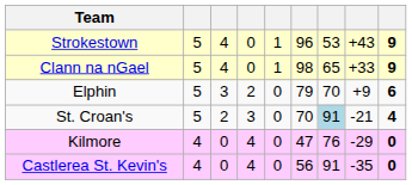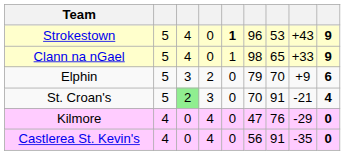 <table class="wikitable" style="text-align:center">
 <tr>
 <th style="width:175px;">Team</th>
 <th width="20"></th>
 <th width="20"></th>
 <th width="20"></th>
 <th width="20"></th>
 <th width="20"></th>
 <th width="20"></th>
 <th width="20"></th>
 <th width="20"></th>
 </tr>
 <tr style="background:#ffc;">
 <td><a href='#'>Strokestown</a></td>
 <td>5</td>
 <td>4</td>
 <td>0</td>
-<td>1</td>
+<td><strong>1</strong></td>
 <td>96</td>
 <td>53</td>
 <td>+43</td>
 <td><strong>9</strong></td>
 </tr>
 <tr style="background:#ffc;">
 <td><a href='#'>Clann na nGael</a></td>
 <td>5</td>
 <td>4</td>
 <td>0</td>
 <td>1</td>
 <td>98</td>
 <td>65</td>
 <td>+33</td>
 <td><strong>9</strong></td>
 </tr>
 <tr>
 <td>Elphin</td>
 <td>5</td>
 <td>3</td>
 <td>2</td>
 <td>0</td>
 <td>79</td>
 <td>70</td>
 <td>+9</td>
 <td><strong>6</strong></td>
 </tr>
 <tr>
 <td>St. Croan's</td>
 <td>5</td>
-<td>2</td>
+<td style="background: lightgreen;">2</td>
 <td>3</td>
 <td>0</td>
 <td>70</td>
-<td style="background: lightblue;">91</td>
+<td>91</td>
 <td>-21</td>
 <td><strong>4</strong></td>
 </tr>
 <tr style="background:#fcf;">
 <td>Kilmore</td>
 <td>4</td>
 <td>0</td>
 <td>4</td>
 <td>0</td>
 <td>47</td>
 <td>76</td>
 <td>-29</td>
 <td><strong>0</strong></td>
 </tr>
 <tr style="background:#fcf;">
 <td><a href='#'>Castlerea St. Kevin's</a></td>
 <td>4</td>
 <td>0</td>
 <td>4</td>
 <td>0</td>
 <td>56</td>
 <td>91</td>
 <td>-35</td>
 <td><strong>0</strong></td>
 </tr>
 </table>
